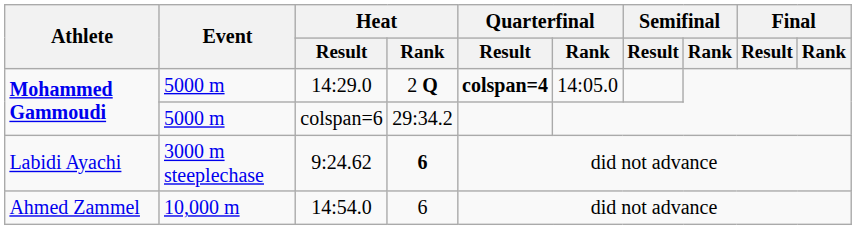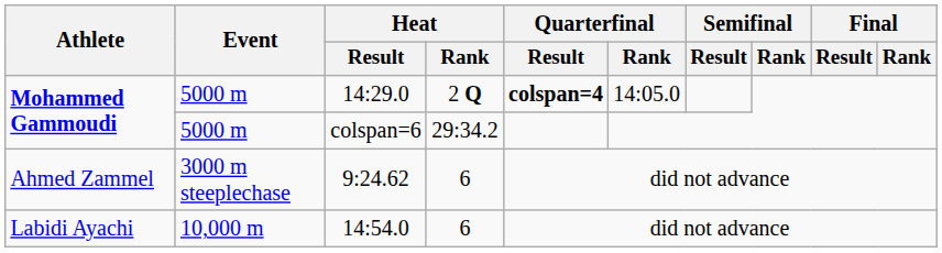 <table class="wikitable" style="font-size:90%">
 <tr>
 <th rowspan="2">Athlete</th>
 <th rowspan="2">Event</th>
 <th colspan="2">Heat</th>
 <th colspan="2">Quarterfinal</th>
 <th colspan="2">Semifinal</th>
 <th colspan="2">Final</th>
 </tr>
 <tr style="font-size:95%">
 <th>Result</th>
 <th>Rank</th>
 <th>Result</th>
 <th>Rank</th>
 <th>Result</th>
 <th>Rank</th>
 <th>Result</th>
 <th>Rank</th>
 </tr>
 <tr align=center>
 <td align=left rowspan=2><strong><a href='#'>Mohammed Gammoudi</a></strong></td>
 <td align=left><a href='#'>5000 m</a></td>
 <td>14:29.0</td>
 <td>2 <strong>Q</strong></td>
 <td><strong>colspan=4 </strong></td>
 <td>14:05.0</td>
 <td></td>
 </tr>
 <tr align=center>
 <td align=left><a href='#'>5000 m</a></td>
 <td>colspan=6 </td>
 <td>29:34.2</td>
 <td></td>
 </tr>
 <tr align=center>
-<td align=left><a href='#'>Labidi Ayachi</a></td>
+<td align=left><a href='#'>Ahmed Zammel</a></td>
 <td align=left><a href='#'>3000 m steeplechase</a></td>
 <td>9:24.62</td>
-<td><strong>6</strong></td>
+<td>6</td>
 <td colspan=6>did not advance</td>
 </tr>
 <tr align=center>
-<td align=left><a href='#'>Ahmed Zammel</a></td>
+<td align=left><a href='#'>Labidi Ayachi</a></td>
 <td align=left><a href='#'>10,000 m</a></td>
 <td>14:54.0</td>
 <td>6</td>
 <td colspan=6>did not advance</td>
 </tr>
 </table>
